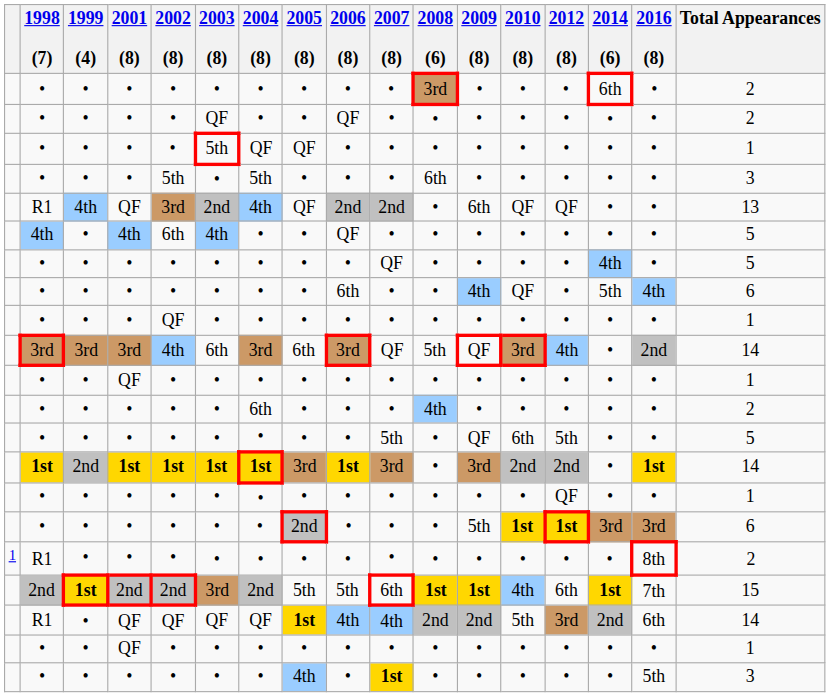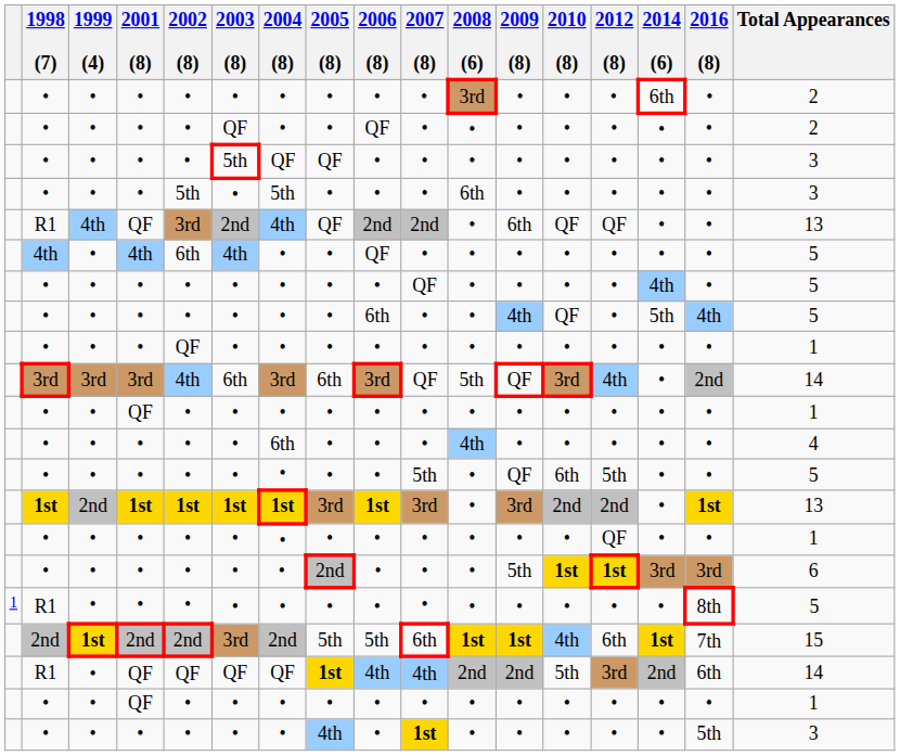 <table class="wikitable" style="text-align: center">
 <tr valign=top>
 <th></th>
 <th><a href='#'>1998</a><br> <br> (7)</th>
 <th><a href='#'>1999</a><br> <br> (4)</th>
 <th><a href='#'>2001</a><br> <br> (8)</th>
 <th><a href='#'>2002</a><br> <br> (8)</th>
 <th><a href='#'>2003</a><br> <br> (8)</th>
 <th><a href='#'>2004</a><br> <br> (8)</th>
 <th><a href='#'>2005</a><br> <br> (8)</th>
 <th><a href='#'>2006</a><br> <br> (8)</th>
 <th><a href='#'>2007</a><br> <br> (8)</th>
 <th><a href='#'>2008</a><br> <br> (6)</th>
 <th><a href='#'>2009</a><br> <br> (8)</th>
 <th><a href='#'>2010</a><br> <br> (8)</th>
 <th><a href='#'>2012</a><br> <br> (8)</th>
 <th><a href='#'>2014</a><br> <br> (6)</th>
 <th><a href='#'>2016</a><br> <br> (8)</th>
 <th>Total Appearances</th>
 </tr>
 <tr>
 <td align=left></td>
 <td>•</td>
 <td>•</td>
 <td>•</td>
 <td>•</td>
 <td>•</td>
 <td>•</td>
 <td>•</td>
 <td>•</td>
 <td>•</td>
 <td bgcolor=#cc9966 style="border:3px solid red">3rd</td>
 <td>•</td>
 <td>•</td>
 <td>•</td>
 <td style="border:3px solid red">6th</td>
 <td>•</td>
 <td>2</td>
 </tr>
 <tr>
 <td align=left></td>
 <td>•</td>
 <td>•</td>
 <td>•</td>
 <td>•</td>
 <td>QF</td>
 <td>•</td>
 <td>•</td>
 <td>QF</td>
 <td>•</td>
 <td>•</td>
 <td>•</td>
 <td>•</td>
 <td>•</td>
 <td>•</td>
 <td>•</td>
 <td>2</td>
 </tr>
 <tr>
 <td align=left></td>
 <td>•</td>
 <td>•</td>
 <td>•</td>
 <td>•</td>
 <td style="border:3px solid red">5th</td>
 <td>QF</td>
 <td>QF</td>
 <td>•</td>
 <td>•</td>
 <td>•</td>
 <td>•</td>
 <td>•</td>
 <td>•</td>
 <td>•</td>
 <td>•</td>
-<td>1</td>
+<td>3</td>
 </tr>
 <tr>
 <td align=left></td>
 <td>•</td>
 <td>•</td>
 <td>•</td>
 <td>5th</td>
 <td>•</td>
 <td>5th</td>
 <td>•</td>
 <td>•</td>
 <td>•</td>
 <td>6th</td>
 <td>•</td>
 <td>•</td>
 <td>•</td>
 <td>•</td>
 <td>•</td>
 <td>3</td>
 </tr>
 <tr>
 <td align=left></td>
 <td>R1</td>
 <td bgcolor=#9acdff>4th</td>
 <td>QF</td>
 <td bgcolor=#cc9966>3rd</td>
 <td bgcolor=silver>2nd</td>
 <td bgcolor=#9acdff>4th</td>
 <td>QF</td>
 <td bgcolor=silver>2nd</td>
 <td bgcolor=silver>2nd</td>
 <td>•</td>
 <td>6th</td>
 <td>QF</td>
 <td>QF</td>
 <td>•</td>
 <td>•</td>
 <td>13</td>
 </tr>
 <tr>
 <td align=left></td>
 <td bgcolor=#9acdff>4th</td>
 <td>•</td>
 <td bgcolor=#9acdff>4th</td>
 <td>6th</td>
 <td bgcolor=#9acdff>4th</td>
 <td>•</td>
 <td>•</td>
 <td>QF</td>
 <td>•</td>
 <td>•</td>
 <td>•</td>
 <td>•</td>
 <td>•</td>
 <td>•</td>
 <td>•</td>
 <td>5</td>
 </tr>
 <tr>
 <td align=left></td>
 <td>•</td>
 <td>•</td>
 <td>•</td>
 <td>•</td>
 <td>•</td>
 <td>•</td>
 <td>•</td>
 <td>•</td>
 <td>QF</td>
 <td>•</td>
 <td>•</td>
 <td>•</td>
 <td>•</td>
 <td bgcolor=#9acdff>4th</td>
 <td>•</td>
 <td>5</td>
 </tr>
 <tr>
 <td align=left></td>
 <td>•</td>
 <td>•</td>
 <td>•</td>
 <td>•</td>
 <td>•</td>
 <td>•</td>
 <td>•</td>
 <td>6th</td>
 <td>•</td>
 <td>•</td>
 <td bgcolor=#9acdff>4th</td>
 <td>QF</td>
 <td>•</td>
 <td>5th</td>
 <td bgcolor=#9acdff>4th</td>
-<td>6</td>
+<td>5</td>
 </tr>
 <tr>
 <td align=left></td>
 <td>•</td>
 <td>•</td>
 <td>•</td>
 <td>QF</td>
 <td>•</td>
 <td>•</td>
 <td>•</td>
 <td>•</td>
 <td>•</td>
 <td>•</td>
 <td>•</td>
 <td>•</td>
 <td>•</td>
 <td>•</td>
 <td>•</td>
 <td>1</td>
 </tr>
 <tr>
 <td align=left></td>
 <td bgcolor=#cc9966 style="border:3px solid red">3rd</td>
 <td bgcolor=#cc9966>3rd</td>
 <td bgcolor=#cc9966>3rd</td>
 <td bgcolor=#9acdff>4th</td>
 <td>6th</td>
 <td bgcolor=#cc9966>3rd</td>
 <td>6th</td>
 <td bgcolor=#cc9966 style="border:3px solid red">3rd</td>
 <td>QF</td>
 <td>5th</td>
 <td style="border:3px solid red">QF</td>
 <td bgcolor=#cc9966 style="border:3px solid red">3rd</td>
 <td bgcolor=#9acdff>4th</td>
 <td>•</td>
 <td bgcolor=silver>2nd</td>
 <td>14</td>
 </tr>
 <tr>
 <td align=left></td>
 <td>•</td>
 <td>•</td>
 <td>QF</td>
 <td>•</td>
 <td>•</td>
 <td>•</td>
 <td>•</td>
 <td>•</td>
 <td>•</td>
 <td>•</td>
 <td>•</td>
 <td>•</td>
 <td>•</td>
 <td>•</td>
 <td>•</td>
 <td>1</td>
 </tr>
 <tr>
 <td align=left></td>
 <td>•</td>
 <td>•</td>
 <td>•</td>
 <td>•</td>
 <td>•</td>
 <td>6th</td>
 <td>•</td>
 <td>•</td>
 <td>•</td>
 <td bgcolor=#9acdff>4th</td>
 <td>•</td>
 <td>•</td>
 <td>•</td>
 <td>•</td>
 <td>•</td>
-<td>2</td>
+<td>4</td>
 </tr>
 <tr>
 <td align=left></td>
 <td>•</td>
 <td>•</td>
 <td>•</td>
 <td>•</td>
 <td>•</td>
 <td>•</td>
 <td>•</td>
 <td>•</td>
 <td>5th</td>
 <td>•</td>
 <td>QF</td>
 <td>6th</td>
 <td>5th</td>
 <td>•</td>
 <td>•</td>
 <td>5</td>
 </tr>
 <tr>
 <td align=left></td>
 <td bgcolor=gold><strong>1st</strong></td>
 <td bgcolor=silver>2nd</td>
 <td bgcolor=gold><strong>1st</strong></td>
 <td bgcolor=gold><strong>1st</strong></td>
 <td bgcolor=gold><strong>1st</strong></td>
 <td bgcolor=gold style="border:3px solid red"><strong>1st</strong></td>
 <td bgcolor=#cc9966>3rd</td>
 <td bgcolor=gold><strong>1st</strong></td>
 <td bgcolor=#cc9966>3rd</td>
 <td>•</td>
 <td bgcolor=#cc9966>3rd</td>
 <td bgcolor=silver>2nd</td>
 <td bgcolor=silver>2nd</td>
 <td>•</td>
 <td bgcolor=gold><strong>1st</strong></td>
-<td>14</td>
+<td>13</td>
 </tr>
 <tr>
 <td align=left></td>
 <td>•</td>
 <td>•</td>
 <td>•</td>
 <td>•</td>
 <td>•</td>
 <td>•</td>
 <td>•</td>
 <td>•</td>
 <td>•</td>
 <td>•</td>
 <td>•</td>
 <td>•</td>
 <td>QF</td>
 <td>•</td>
 <td>•</td>
 <td>1</td>
 </tr>
 <tr>
 <td align=left></td>
 <td>•</td>
 <td>•</td>
 <td>•</td>
 <td>•</td>
 <td>•</td>
 <td>•</td>
 <td bgcolor=silver style="border:3px solid red">2nd</td>
 <td>•</td>
 <td>•</td>
 <td>•</td>
 <td>5th</td>
 <td bgcolor=gold><strong>1st</strong></td>
 <td bgcolor=gold style="border:3px solid red"><strong>1st</strong></td>
 <td bgcolor=#cc9966>3rd</td>
 <td bgcolor=#cc9966>3rd</td>
 <td>6</td>
 </tr>
 <tr>
 <td align=left> <sup><a href='#'>1</a></sup></td>
 <td>R1</td>
 <td>•</td>
 <td>•</td>
 <td>•</td>
 <td>•</td>
 <td>•</td>
 <td>•</td>
 <td>•</td>
 <td>•</td>
 <td>•</td>
 <td>•</td>
 <td>•</td>
 <td>•</td>
 <td>•</td>
 <td style="border:3px solid red">8th</td>
-<td>2</td>
+<td>5</td>
 </tr>
 <tr>
 <td align=left></td>
 <td bgcolor=silver>2nd</td>
 <td bgcolor=gold style="border:3px solid red"><strong>1st</strong></td>
 <td bgcolor=silver style="border:3px solid red">2nd</td>
 <td bgcolor=silver style="border:3px solid red">2nd</td>
 <td bgcolor=#cc9966>3rd</td>
 <td bgcolor=silver>2nd</td>
 <td>5th</td>
 <td>5th</td>
 <td style="border:3px solid red">6th</td>
 <td bgcolor=gold><strong>1st</strong></td>
 <td bgcolor=gold><strong>1st</strong></td>
 <td bgcolor=#9acdff>4th</td>
 <td>6th</td>
 <td bgcolor=gold><strong>1st</strong></td>
 <td>7th</td>
 <td>15</td>
 </tr>
 <tr>
 <td align=left></td>
 <td>R1</td>
 <td>•</td>
 <td>QF</td>
 <td>QF</td>
 <td>QF</td>
 <td>QF</td>
 <td bgcolor=gold><strong>1st</strong></td>
 <td bgcolor=#9acdff>4th</td>
 <td bgcolor=#9acdff>4th</td>
 <td bgcolor=silver>2nd</td>
 <td bgcolor=silver>2nd</td>
 <td>5th</td>
 <td bgcolor=#cc9966>3rd</td>
 <td bgcolor=silver>2nd</td>
 <td>6th</td>
 <td>14</td>
 </tr>
 <tr>
 <td align=left></td>
 <td>•</td>
 <td>•</td>
 <td>QF</td>
 <td>•</td>
 <td>•</td>
 <td>•</td>
 <td>•</td>
 <td>•</td>
 <td>•</td>
 <td>•</td>
 <td>•</td>
 <td>•</td>
 <td>•</td>
 <td>•</td>
 <td>•</td>
 <td>1</td>
 </tr>
 <tr>
 <td align=left></td>
 <td>•</td>
 <td>•</td>
 <td>•</td>
 <td>•</td>
 <td>•</td>
 <td>•</td>
 <td bgcolor=#9acdff>4th</td>
 <td>•</td>
 <td bgcolor=gold><strong>1st</strong></td>
 <td>•</td>
 <td>•</td>
 <td>•</td>
 <td>•</td>
 <td>•</td>
 <td>5th</td>
 <td>3</td>
 </tr>
 </table>
